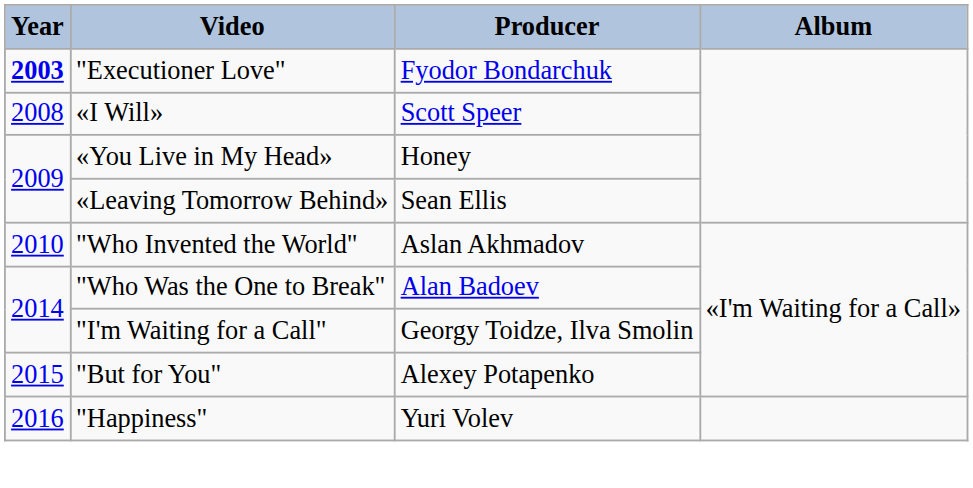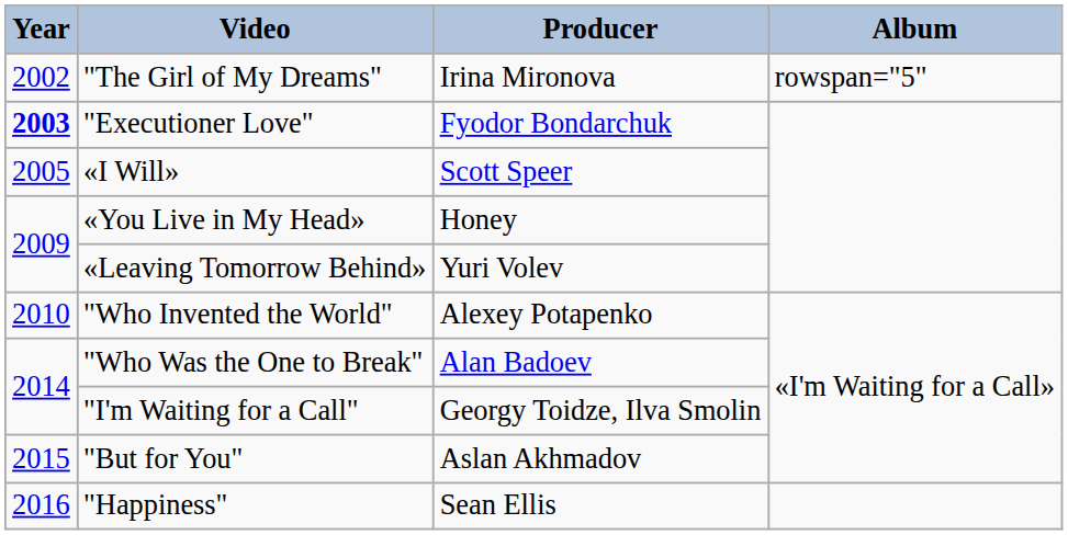 <table class="wikitable" style="font-size:90%;">
 <tr>
 <th style="background:#B0C4DE;">Year</th>
 <th style="background:#B0C4DE;">Video</th>
 <th style="background:#B0C4DE;">Producer</th>
 <th style="background:#B0C4DE;">Album</th>
 </tr>
 <tr>
+<td><a href='#'>2002</a></td>
+<td>"The Girl of My Dreams"</td>
+<td>Irina Mironova</td>
+<td>rowspan="5" </td>
+</tr>
+<tr>
 <td><strong><a href='#'>2003</a></strong></td>
 <td>"Executioner Love"</td>
 <td><a href='#'>Fyodor Bondarchuk</a></td>
 </tr>
 <tr>
-<td><a href='#'>2008</a></td>
+<td><a href='#'>2005</a></td>
 <td>«I Will»</td>
 <td><a href='#'>Scott Speer</a></td>
 </tr>
 <tr>
 <td rowspan="2"><a href='#'>2009</a></td>
 <td>«You Live in My Head»</td>
 <td>Honey</td>
 </tr>
 <tr>
 <td>«Leaving Tomorrow Behind»</td>
-<td>Sean Ellis</td>
+<td>Yuri Volev</td>
 </tr>
 <tr>
 <td><a href='#'>2010</a></td>
 <td>"Who Invented the World"</td>
-<td>Aslan Akhmadov</td>
+<td>Alexey Potapenko</td>
 <td rowspan="4">«I'm Waiting for a Call»</td>
 </tr>
 <tr>
 <td rowspan="2"><a href='#'>2014</a></td>
 <td>"Who Was the One to Break"</td>
 <td><a href='#'>Alan Badoev</a></td>
 </tr>
 <tr>
 <td>"I'm Waiting for a Call"</td>
 <td>Georgy Toidze, Ilva Smolin</td>
 </tr>
 <tr>
 <td><a href='#'>2015</a></td>
 <td>"But for You"</td>
-<td>Alexey Potapenko</td>
+<td>Aslan Akhmadov</td>
 </tr>
 <tr>
 <td><a href='#'>2016</a></td>
 <td>"Happiness"</td>
-<td>Yuri Volev</td>
+<td>Sean Ellis</td>
 </tr>
 </table>
